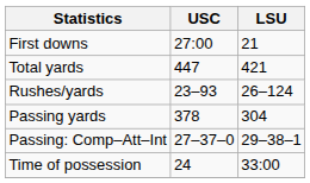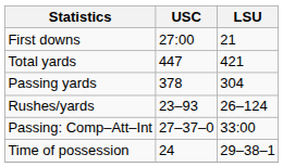 <table class="wikitable" style="float: left;">
 <tr>
 <th>Statistics</th>
 <th>USC</th>
 <th>LSU</th>
 </tr>
 <tr>
 <td>First downs</td>
 <td>27:00</td>
 <td>21</td>
 </tr>
 <tr>
 <td>Total yards</td>
 <td>447</td>
 <td>421</td>
 </tr>
 <tr>
+<td>Passing yards</td>
+<td>378</td>
+<td>304</td>
+</tr>
+<tr>
 <td>Rushes/yards</td>
 <td>23–93</td>
 <td>26–124</td>
 </tr>
 <tr>
-<td>Passing yards</td>
-<td>378</td>
-<td>304</td>
-</tr>
-<tr>
 <td>Passing: Comp–Att–Int</td>
 <td>27–37–0</td>
-<td>29–38–1</td>
+<td>33:00</td>
 </tr>
 <tr>
 <td>Time of possession</td>
 <td>24</td>
-<td>33:00</td>
+<td>29–38–1</td>
 </tr>
 <tr>
 </tr>
 </table>
